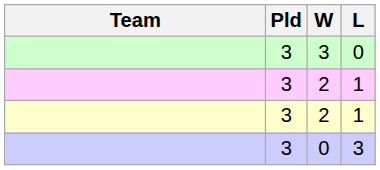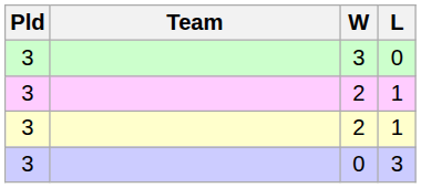 <table class="wikitable" style="text-align:center">
 <tr>
+<th width="20">Pld</th>
 <th style="width:200px;">Team</th>
-<th width="20">Pld</th>
 <th width="20">W</th>
 <th width="20">L</th>
 </tr>
 <tr style="background:#cfc">
+<td>3</td>
 <td align=left></td>
-<td>3</td>
 <td>3</td>
 <td>0</td>
 </tr>
 <tr style="background:#fcf;">
+<td>3</td>
 <td align=left></td>
-<td>3</td>
 <td>2</td>
 <td>1</td>
 </tr>
 <tr style="background:#ffc">
+<td>3</td>
 <td align=left></td>
-<td>3</td>
 <td>2</td>
 <td>1</td>
 </tr>
 <tr style="background:#ccf;">
+<td>3</td>
 <td align=left></td>
-<td>3</td>
 <td>0</td>
 <td>3</td>
 </tr>
 </table>
